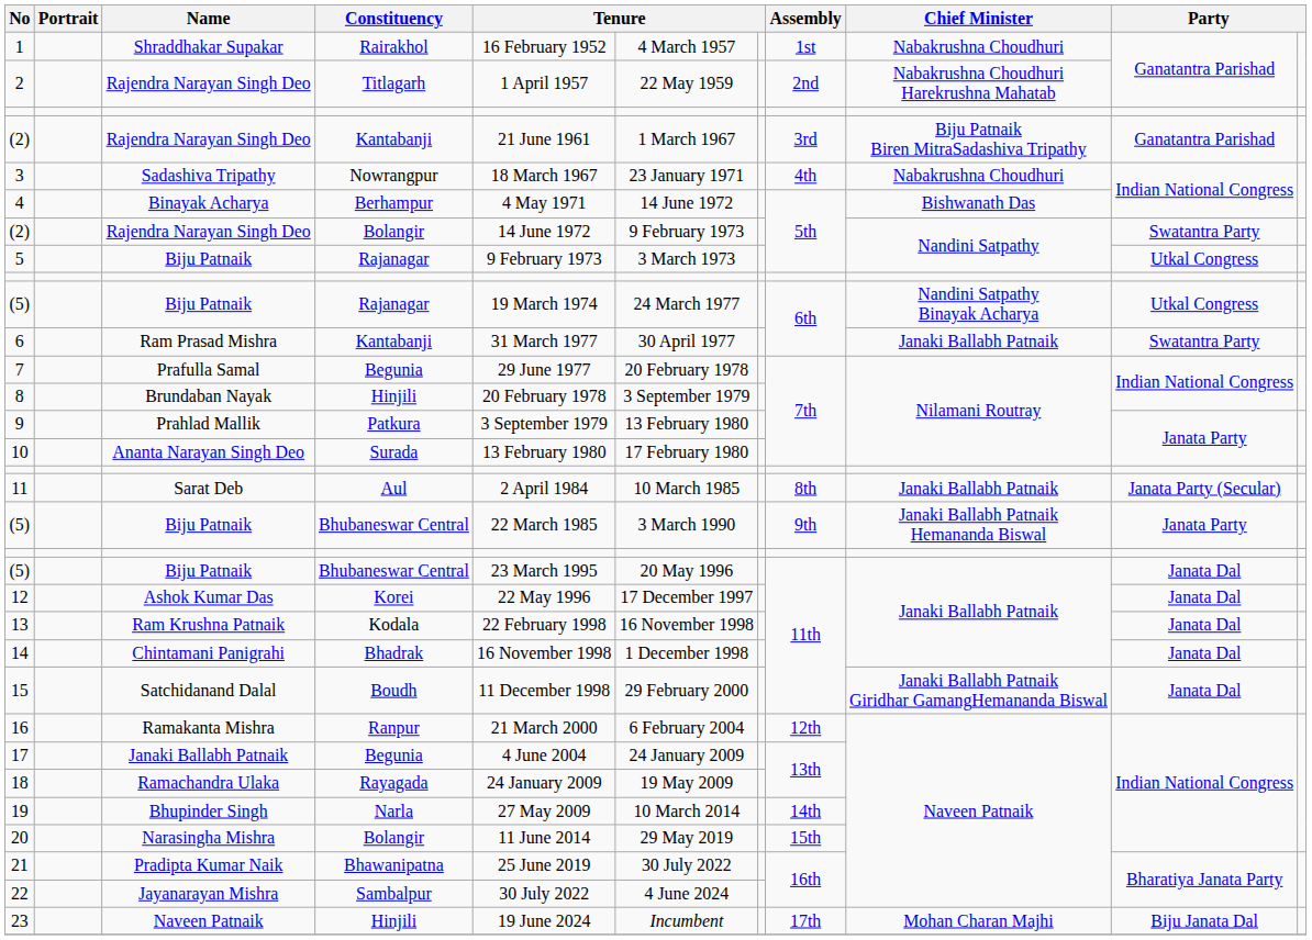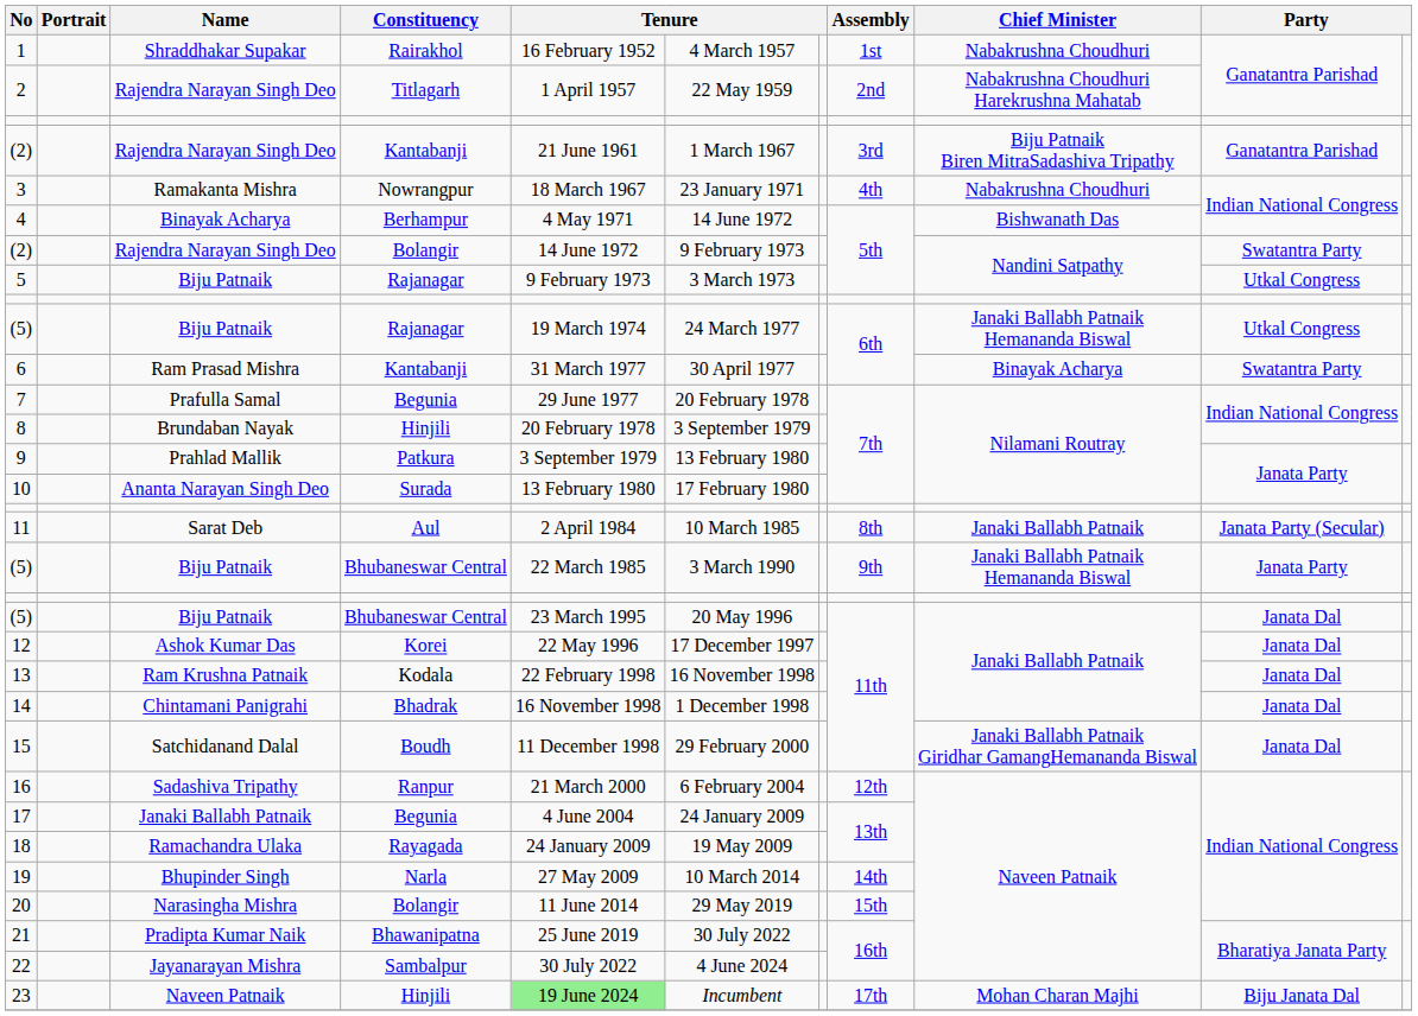 <table class="wikitable">
 <tr>
 <th>No</th>
 <th>Portrait</th>
 <th>Name</th>
 <th><a href='#'>Constituency</a></th>
 <th colspan="3">Tenure</th>
 <th>Assembly</th>
 <th><a href='#'>Chief Minister</a></th>
 <th colspan="2">Party</th>
 </tr>
 <tr align="center">
 <td>1</td>
 <td></td>
 <td><a href='#'>Shraddhakar Supakar</a></td>
 <td><a href='#'>Rairakhol</a></td>
 <td>16 February 1952</td>
 <td>4 March 1957</td>
 <td></td>
 <td><a href='#'>1st</a></td>
 <td><a href='#'>Nabakrushna Choudhuri</a></td>
 <td rowspan="2"><a href='#'>Ganatantra Parishad</a></td>
 <td rowspan="2" style="background:"></td>
 </tr>
 <tr align="center">
 <td>2</td>
 <td></td>
 <td><a href='#'>Rajendra Narayan Singh Deo</a></td>
 <td><a href='#'>Titlagarh</a></td>
 <td>1 April 1957</td>
 <td>22 May 1959</td>
 <td></td>
 <td><a href='#'>2nd</a></td>
 <td><a href='#'>Nabakrushna Choudhuri</a><br><a href='#'>Harekrushna Mahatab</a></td>
 </tr>
 <tr align="center">
 <td></td>
 <td></td>
 <td></td>
 <td></td>
 <td></td>
 <td></td>
 <td></td>
 <td></td>
 <td></td>
 <td></td>
 <td></td>
 </tr>
 <tr align="center">
 <td>(2)</td>
 <td></td>
 <td><a href='#'>Rajendra Narayan Singh Deo</a></td>
 <td><a href='#'>Kantabanji</a></td>
 <td>21 June 1961</td>
 <td>1 March 1967</td>
 <td></td>
 <td><a href='#'>3rd</a></td>
 <td><a href='#'>Biju Patnaik</a><br><a href='#'>Biren Mitra</a><a href='#'>Sadashiva Tripathy</a></td>
 <td><a href='#'>Ganatantra Parishad</a></td>
 <td style="background:"></td>
 </tr>
 <tr align="center">
 <td>3</td>
 <td></td>
-<td><a href='#'>Sadashiva Tripathy</a></td>
+<td>Ramakanta Mishra</td>
 <td>Nowrangpur</td>
 <td>18 March 1967</td>
 <td>23 January 1971</td>
 <td></td>
 <td><a href='#'>4th</a></td>
 <td><a href='#'>Nabakrushna Choudhuri</a></td>
 <td rowspan="2"><a href='#'>Indian National Congress</a></td>
 <td rowspan="2" style="background:"></td>
 </tr>
 <tr align="center">
 <td>4</td>
 <td></td>
 <td><a href='#'>Binayak Acharya</a></td>
 <td><a href='#'>Berhampur</a></td>
 <td>4 May 1971</td>
 <td>14 June 1972</td>
 <td></td>
 <td rowspan="3"><a href='#'>5th</a></td>
 <td><a href='#'>Bishwanath Das</a></td>
 </tr>
 <tr align="center">
 <td>(2)</td>
 <td></td>
 <td><a href='#'>Rajendra Narayan Singh Deo</a></td>
 <td><a href='#'>Bolangir</a></td>
 <td>14 June 1972</td>
 <td>9 February 1973</td>
 <td></td>
 <td rowspan="2"><a href='#'>Nandini Satpathy</a></td>
 <td><a href='#'>Swatantra Party</a></td>
 <td style="background:"></td>
 </tr>
 <tr align="center">
 <td>5</td>
 <td></td>
 <td><a href='#'>Biju Patnaik</a></td>
 <td><a href='#'>Rajanagar</a></td>
 <td>9 February 1973</td>
 <td>3 March 1973</td>
 <td></td>
 <td><a href='#'>Utkal Congress</a></td>
 <td style="background:"></td>
 </tr>
 <tr align="center">
 <td></td>
 <td></td>
 <td></td>
 <td></td>
 <td></td>
 <td></td>
 <td></td>
 <td></td>
 <td></td>
 <td></td>
 <td></td>
 </tr>
 <tr align="center">
 <td>(5)</td>
 <td></td>
 <td><a href='#'>Biju Patnaik</a></td>
 <td><a href='#'>Rajanagar</a></td>
 <td>19 March 1974</td>
 <td>24 March 1977</td>
 <td></td>
 <td rowspan="2"><a href='#'>6th</a></td>
-<td><a href='#'>Nandini Satpathy</a><br><a href='#'>Binayak Acharya</a></td>
+<td><a href='#'>Janaki Ballabh Patnaik</a><br><a href='#'>Hemananda Biswal</a></td>
 <td><a href='#'>Utkal Congress</a></td>
 <td style="background:"></td>
 </tr>
 <tr align="center">
 <td>6</td>
 <td></td>
 <td>Ram Prasad Mishra</td>
 <td><a href='#'>Kantabanji</a></td>
 <td>31 March 1977</td>
 <td>30 April 1977</td>
 <td></td>
-<td><a href='#'>Janaki Ballabh Patnaik</a></td>
+<td><a href='#'>Binayak Acharya</a></td>
 <td><a href='#'>Swatantra Party</a></td>
 <td style="background:"></td>
 </tr>
 <tr align="center">
 <td>7</td>
 <td></td>
 <td>Prafulla Samal</td>
 <td><a href='#'>Begunia</a></td>
 <td>29 June 1977</td>
 <td>20 February 1978</td>
 <td></td>
 <td rowspan="4"><a href='#'>7th</a></td>
 <td rowspan="4"><a href='#'>Nilamani Routray</a></td>
 <td rowspan="2"><a href='#'>Indian National Congress</a></td>
 <td rowspan="2" style="background:"></td>
 </tr>
 <tr align="center">
 <td>8</td>
 <td></td>
 <td>Brundaban Nayak</td>
 <td><a href='#'>Hinjili</a></td>
 <td>20 February 1978</td>
 <td>3 September 1979</td>
 <td></td>
 </tr>
 <tr align="center">
 <td>9</td>
 <td></td>
 <td>Prahlad Mallik</td>
 <td><a href='#'>Patkura</a></td>
 <td>3 September 1979</td>
 <td>13 February 1980</td>
 <td></td>
 <td rowspan="2"><a href='#'>Janata Party</a></td>
 <td rowspan="2" style="background:"></td>
 </tr>
 <tr align="center">
 <td>10</td>
 <td></td>
 <td><a href='#'>Ananta Narayan Singh Deo</a></td>
 <td><a href='#'>Surada</a></td>
 <td>13 February 1980</td>
 <td>17 February 1980</td>
 <td></td>
 </tr>
 <tr align="center">
 <td></td>
 <td></td>
 <td></td>
 <td></td>
 <td></td>
 <td></td>
 <td></td>
 <td></td>
 <td></td>
 <td></td>
 <td></td>
 </tr>
 <tr align="center">
 <td>11</td>
 <td></td>
 <td>Sarat Deb</td>
 <td><a href='#'>Aul</a></td>
 <td>2 April 1984</td>
 <td>10 March 1985</td>
 <td></td>
 <td><a href='#'>8th</a></td>
 <td><a href='#'>Janaki Ballabh Patnaik</a></td>
 <td><a href='#'>Janata Party (Secular)</a></td>
 <td style="background:"></td>
 </tr>
 <tr align="center">
 <td>(5)</td>
 <td></td>
 <td><a href='#'>Biju Patnaik</a></td>
 <td><a href='#'>Bhubaneswar Central</a></td>
 <td>22 March 1985</td>
 <td>3 March 1990</td>
 <td></td>
 <td><a href='#'>9th</a></td>
 <td><a href='#'>Janaki Ballabh Patnaik</a><br><a href='#'>Hemananda Biswal</a></td>
 <td><a href='#'>Janata Party</a></td>
 <td style="background:"></td>
 </tr>
 <tr align="center">
 <td></td>
 <td></td>
 <td></td>
 <td></td>
 <td></td>
 <td></td>
 <td></td>
 <td></td>
 <td></td>
 <td></td>
 <td></td>
 </tr>
 <tr align="center">
 <td>(5)</td>
 <td></td>
 <td><a href='#'>Biju Patnaik</a></td>
 <td><a href='#'>Bhubaneswar Central</a></td>
 <td>23 March 1995</td>
 <td>20 May 1996</td>
 <td></td>
 <td rowspan="5"><a href='#'>11th</a></td>
 <td rowspan="4"><a href='#'>Janaki Ballabh Patnaik</a></td>
 <td><a href='#'>Janata Dal</a></td>
 <td style="background:"></td>
 </tr>
 <tr align="center">
 <td>12</td>
 <td></td>
 <td><a href='#'>Ashok Kumar Das</a></td>
 <td><a href='#'>Korei</a></td>
 <td>22 May 1996</td>
 <td>17 December 1997</td>
 <td></td>
 <td><a href='#'>Janata Dal</a></td>
 <td style="background:"></td>
 </tr>
 <tr align="center">
 <td>13</td>
 <td></td>
 <td><a href='#'>Ram Krushna Patnaik</a></td>
 <td>Kodala</td>
 <td>22 February 1998</td>
 <td>16 November 1998</td>
 <td></td>
 <td><a href='#'>Janata Dal</a></td>
 <td style="background:"></td>
 </tr>
 <tr align="center">
 <td>14</td>
 <td></td>
 <td><a href='#'>Chintamani Panigrahi</a></td>
 <td><a href='#'>Bhadrak</a></td>
 <td>16 November 1998</td>
 <td>1 December 1998</td>
 <td></td>
 <td><a href='#'>Janata Dal</a></td>
 <td style="background:"></td>
 </tr>
 <tr align="center">
 <td>15</td>
 <td></td>
 <td>Satchidanand Dalal</td>
 <td><a href='#'>Boudh</a></td>
 <td>11 December 1998</td>
 <td>29 February 2000</td>
 <td></td>
 <td><a href='#'>Janaki Ballabh Patnaik</a><br><a href='#'>Giridhar Gamang</a><a href='#'>Hemananda Biswal</a></td>
 <td><a href='#'>Janata Dal</a></td>
 <td style="background:"></td>
 </tr>
 <tr align="center">
 <td>16</td>
 <td></td>
-<td>Ramakanta Mishra</td>
+<td><a href='#'>Sadashiva Tripathy</a></td>
 <td><a href='#'>Ranpur</a></td>
 <td>21 March 2000</td>
 <td>6 February 2004</td>
 <td></td>
 <td><a href='#'>12th</a></td>
 <td rowspan="7"><a href='#'>Naveen Patnaik</a></td>
 <td rowspan="5"><a href='#'>Indian National Congress</a></td>
 <td rowspan="5" style="background:"></td>
 </tr>
 <tr align="center">
 <td>17</td>
 <td></td>
 <td><a href='#'>Janaki Ballabh Patnaik</a></td>
 <td><a href='#'>Begunia</a></td>
 <td>4 June 2004</td>
 <td>24 January 2009</td>
 <td></td>
 <td rowspan="2"><a href='#'>13th</a></td>
 </tr>
 <tr align="center">
 <td>18</td>
 <td></td>
 <td><a href='#'>Ramachandra Ulaka</a></td>
 <td><a href='#'>Rayagada</a></td>
 <td>24 January 2009</td>
 <td>19 May 2009</td>
 <td></td>
 </tr>
 <tr align="center">
 <td>19</td>
 <td></td>
 <td><a href='#'>Bhupinder Singh</a></td>
 <td><a href='#'>Narla</a></td>
 <td>27 May 2009</td>
 <td>10 March 2014</td>
 <td></td>
 <td><a href='#'>14th</a></td>
 </tr>
 <tr align="center">
 <td>20</td>
 <td></td>
 <td><a href='#'>Narasingha Mishra</a></td>
 <td><a href='#'>Bolangir</a></td>
 <td>11 June 2014</td>
 <td>29 May 2019</td>
 <td></td>
 <td><a href='#'>15th</a></td>
 </tr>
 <tr align="center">
 <td>21</td>
 <td></td>
 <td><a href='#'>Pradipta Kumar Naik</a></td>
 <td><a href='#'>Bhawanipatna</a></td>
 <td>25 June 2019</td>
 <td>30 July 2022</td>
 <td></td>
 <td rowspan="2"><a href='#'>16th</a></td>
 <td rowspan="2"><a href='#'>Bharatiya Janata Party</a></td>
 <td rowspan="2" style="background:"></td>
 </tr>
 <tr align="center">
 <td>22</td>
 <td></td>
 <td><a href='#'>Jayanarayan Mishra</a></td>
 <td><a href='#'>Sambalpur</a></td>
 <td>30 July 2022</td>
 <td>4 June 2024</td>
 <td></td>
 </tr>
 <tr align="center">
 <td>23</td>
 <td></td>
 <td><a href='#'>Naveen Patnaik</a></td>
 <td><a href='#'>Hinjili</a></td>
-<td>19 June 2024</td>
+<td style="background: lightgreen;">19 June 2024</td>
 <td><em>Incumbent</em></td>
 <td></td>
 <td><a href='#'>17th</a></td>
 <td><a href='#'>Mohan Charan Majhi</a></td>
 <td><a href='#'>Biju Janata Dal</a></td>
 <td style="background:"></td>
 </tr>
 <tr align="center">
 </tr>
 </table>
